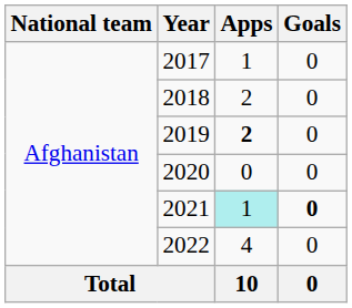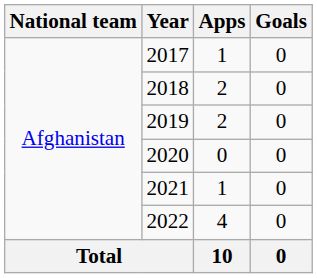 <table class="wikitable" style="text-align: center;">
 <tr>
 <th>National team</th>
 <th>Year</th>
 <th>Apps</th>
 <th>Goals</th>
 </tr>
 <tr>
 <td rowspan="6"><a href='#'>Afghanistan</a></td>
 <td>2017</td>
 <td>1</td>
 <td>0</td>
 </tr>
 <tr>
 <td>2018</td>
 <td>2</td>
 <td>0</td>
 </tr>
 <tr>
 <td>2019</td>
-<td><strong>2</strong></td>
+<td>2</td>
 <td>0</td>
 </tr>
 <tr>
 <td>2020</td>
 <td>0</td>
 <td>0</td>
 </tr>
 <tr>
 <td>2021</td>
-<td style="background: paleturquoise;">1</td>
-<td><strong>0</strong></td>
+<td>1</td>
+<td>0</td>
 </tr>
 <tr>
 <td>2022</td>
 <td>4</td>
 <td>0</td>
 </tr>
 <tr>
 <th colspan="2">Total</th>
 <th>10</th>
 <th>0</th>
 </tr>
 </table>
